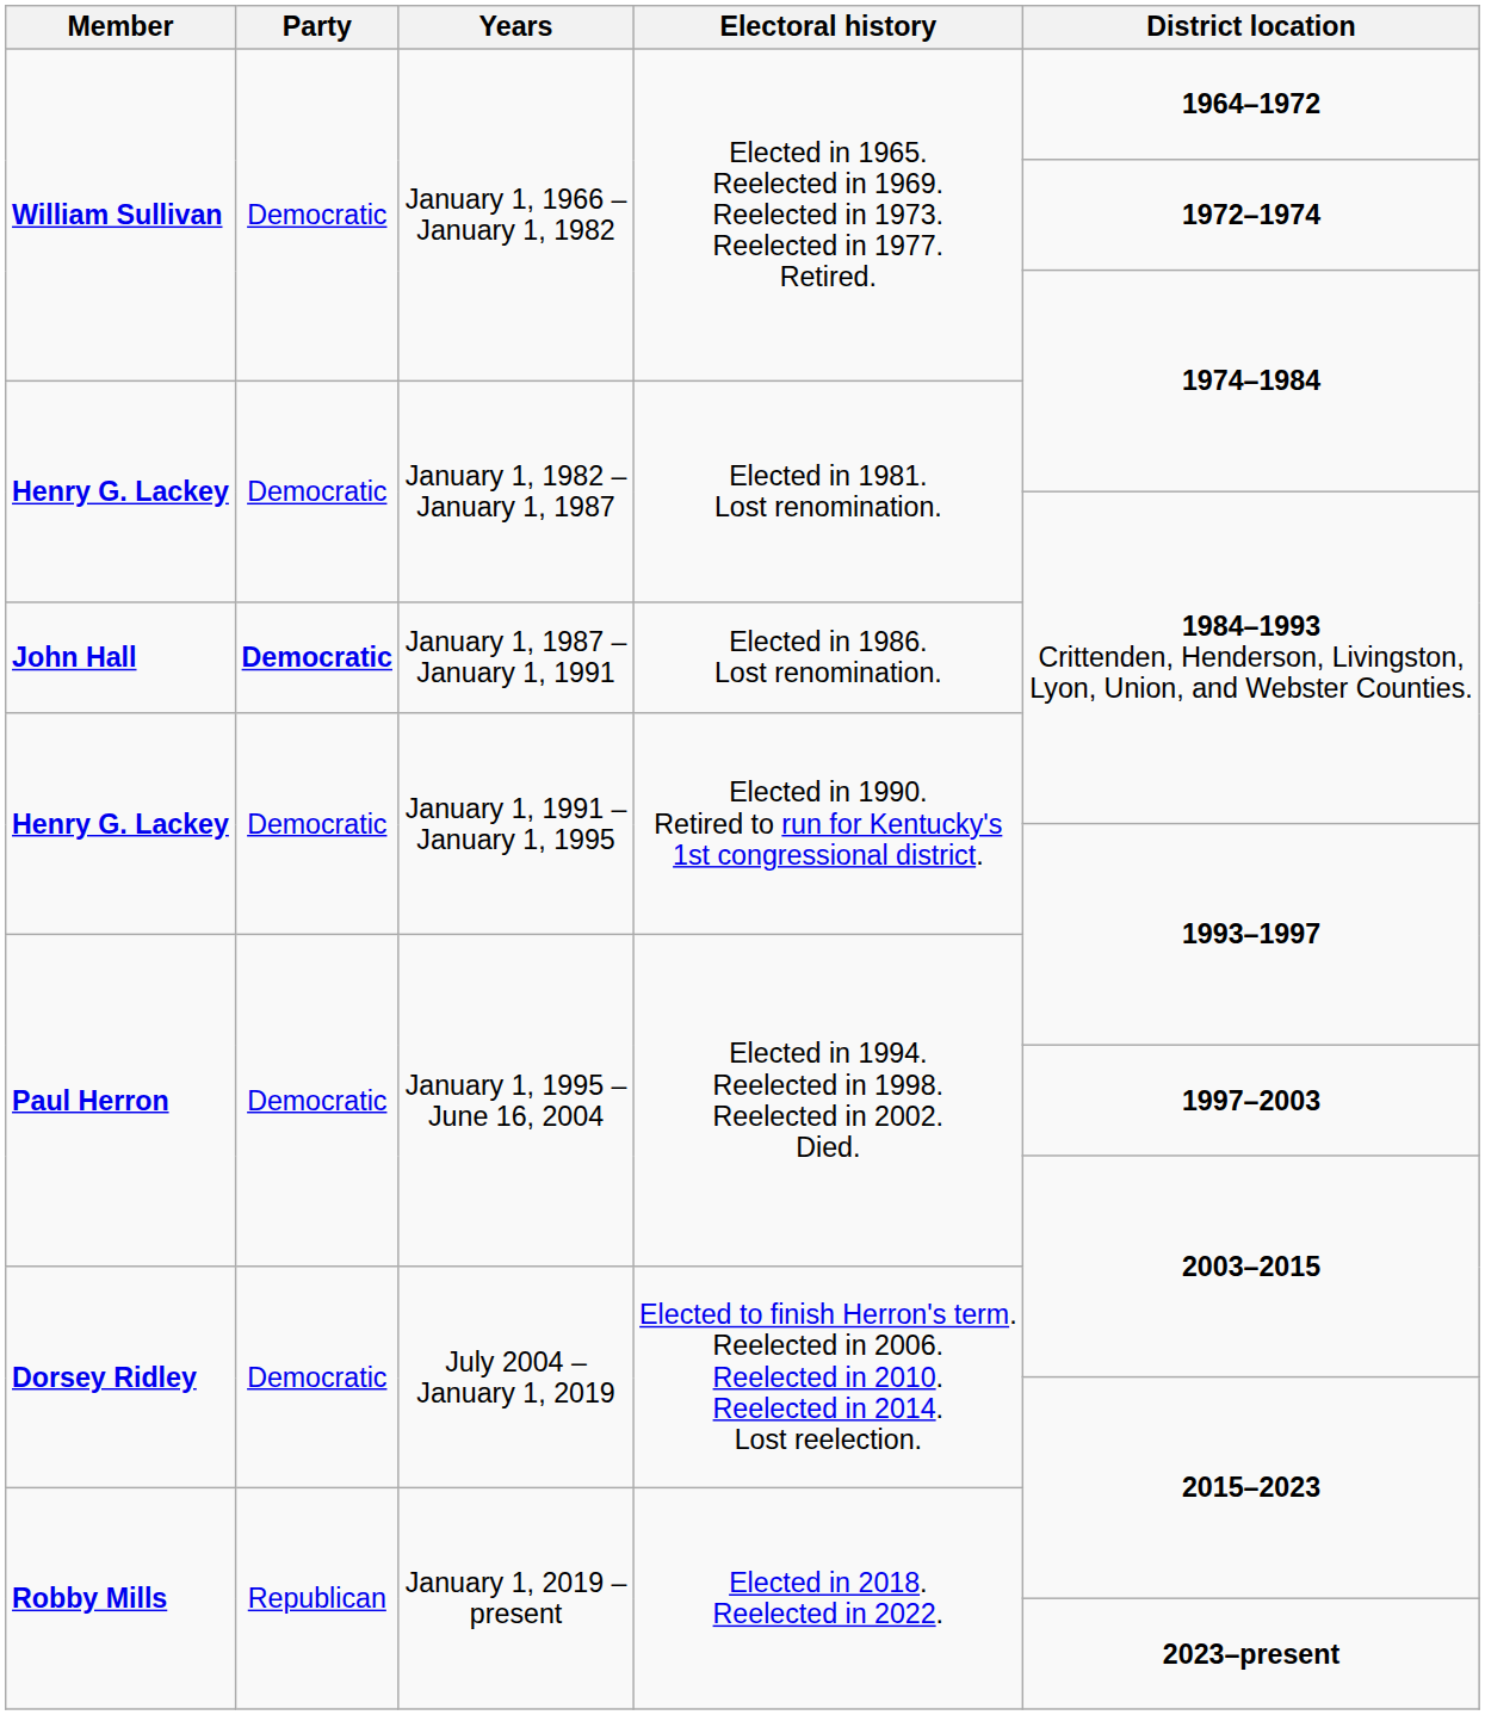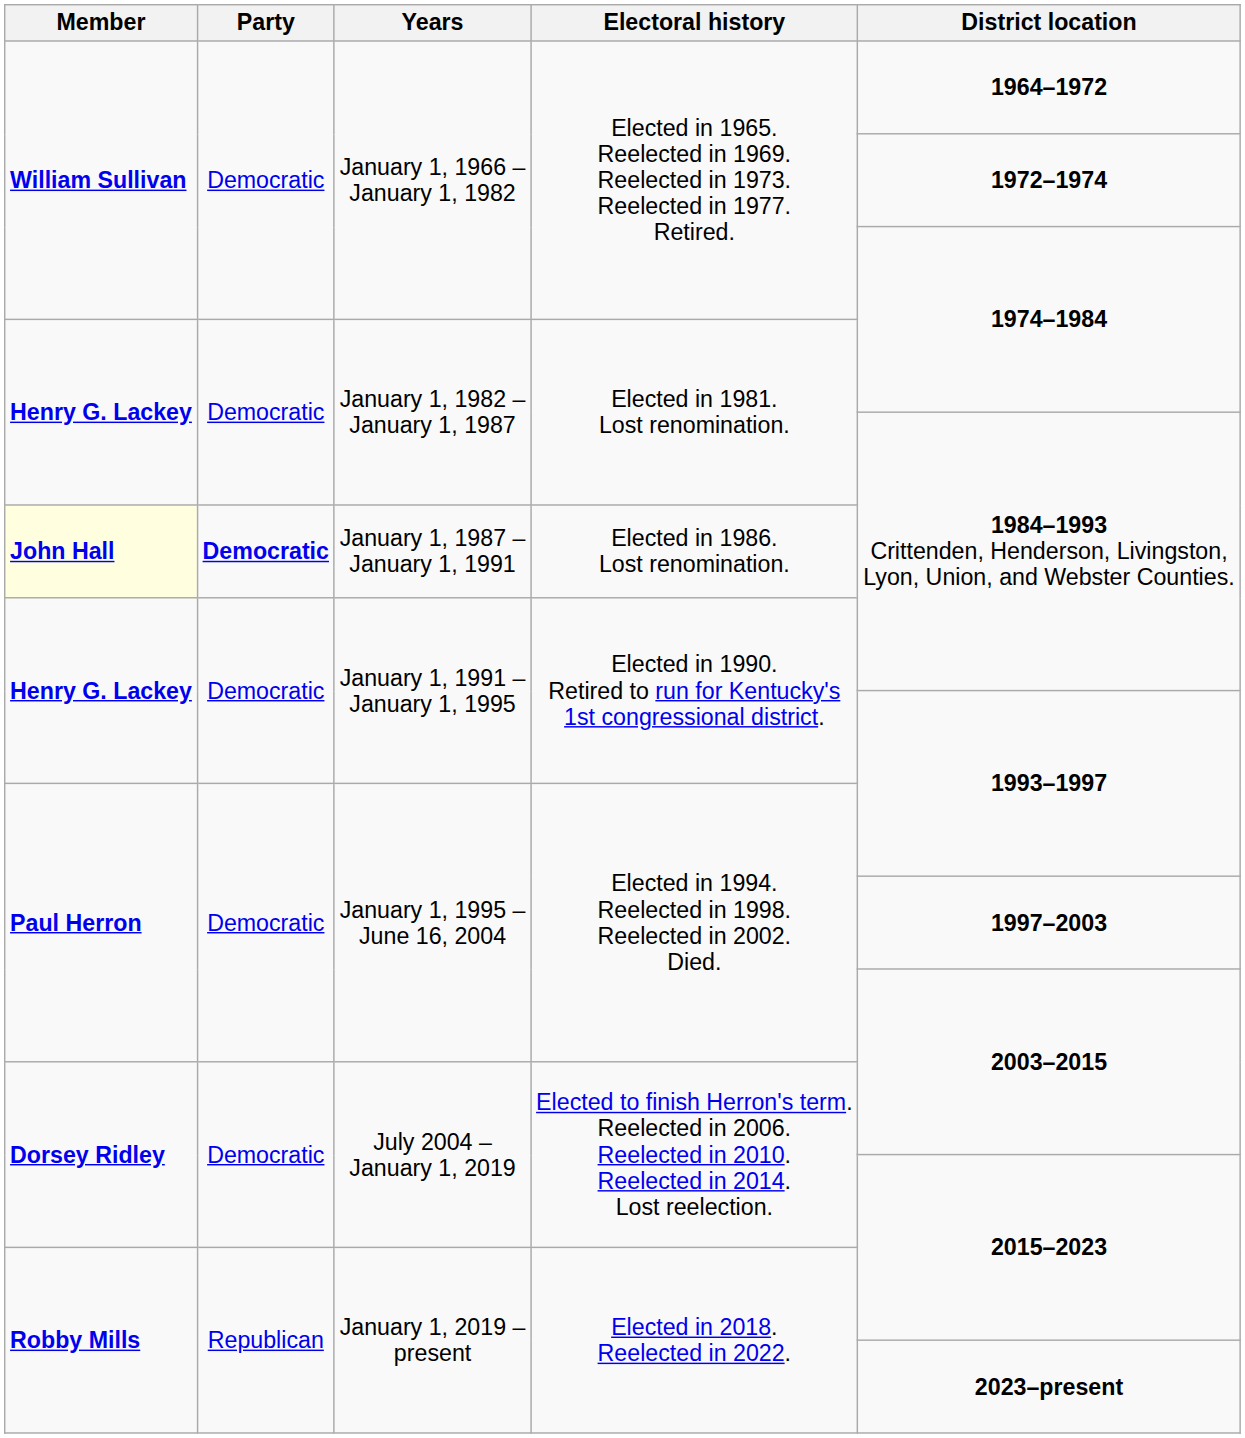 <table class=wikitable style="text-align:center">
 <tr>
 <th>Member</th>
 <th>Party</th>
 <th>Years</th>
 <th>Electoral history</th>
 <th>District location</th>
 </tr>
 <tr style="height:4em">
 <td rowspan=3 align=left><strong><a href='#'>William Sullivan</a></strong><br></td>
 <td rowspan=3 ><a href='#'>Democratic</a></td>
 <td rowspan=3 nowrap>January 1, 1966 –<br>January 1, 1982</td>
 <td rowspan=3>Elected in 1965.<br>Reelected in 1969.<br>Reelected in 1973.<br>Reelected in 1977.<br>Retired.</td>
 <td><strong>1964–1972</strong><br></td>
 </tr>
 <tr style="height:4em">
 <td><strong>1972–1974</strong><br></td>
 </tr>
 <tr style="height:4em">
 <td rowspan=2><strong>1974–1984</strong><br></td>
 </tr>
 <tr style="height:4em">
 <td rowspan=2 align=left><strong><a href='#'>Henry G. Lackey</a></strong><br></td>
 <td rowspan=2 ><a href='#'>Democratic</a></td>
 <td rowspan=2 nowrap>January 1, 1982 –<br>January 1, 1987</td>
 <td rowspan=2>Elected in 1981.<br>Lost renomination.</td>
 </tr>
 <tr style="height:4em">
 <td rowspan=3><strong>1984–1993</strong><br>Crittenden, Henderson, Livingston,<br>Lyon, Union, and Webster Counties.</td>
 </tr>
 <tr style="height:4em">
-<td align=left><strong><a href='#'>John Hall</a></strong><br></td>
+<td align=left style="background: lightyellow;"><strong><a href='#'>John Hall</a></strong><br></td>
 <td><strong><a href='#'>Democratic</a></strong></td>
 <td nowrap>January 1, 1987 –<br>January 1, 1991</td>
 <td>Elected in 1986.<br>Lost renomination.</td>
 </tr>
 <tr style="height:4em">
 <td rowspan=2 align=left><strong><a href='#'>Henry G. Lackey</a></strong><br></td>
 <td rowspan=2 ><a href='#'>Democratic</a></td>
 <td rowspan=2 nowrap>January 1, 1991 –<br>January 1, 1995</td>
 <td rowspan=2>Elected in 1990.<br>Retired to <a href='#'>run for Kentucky's<br>1st congressional district</a>.</td>
 </tr>
 <tr style="height:4em">
 <td rowspan=2><strong>1993–1997</strong><br></td>
 </tr>
 <tr style="height:4em">
 <td rowspan=3 align=left><strong><a href='#'>Paul Herron</a></strong><br></td>
 <td rowspan=3 ><a href='#'>Democratic</a></td>
 <td rowspan=3 nowrap>January 1, 1995 –<br>June 16, 2004</td>
 <td rowspan=3>Elected in 1994.<br>Reelected in 1998.<br>Reelected in 2002.<br>Died.</td>
 </tr>
 <tr style="height:4em">
 <td><strong>1997–2003</strong><br></td>
 </tr>
 <tr style="height:4em">
 <td rowspan=2><strong>2003–2015</strong><br></td>
 </tr>
 <tr style="height:4em">
 <td rowspan=2 align=left><strong><a href='#'>Dorsey Ridley</a></strong><br></td>
 <td rowspan=2 ><a href='#'>Democratic</a></td>
 <td rowspan=2 nowrap>July 2004 –<br>January 1, 2019</td>
 <td rowspan=2><a href='#'>Elected to finish Herron's term</a>.<br>Reelected in 2006.<br><a href='#'>Reelected in 2010</a>.<br><a href='#'>Reelected in 2014</a>.<br>Lost reelection.</td>
 </tr>
 <tr style="height:4em">
 <td rowspan=2><strong>2015–2023</strong><br></td>
 </tr>
 <tr style="height:4em">
 <td rowspan=2 align=left><strong><a href='#'>Robby Mills</a></strong><br></td>
 <td rowspan=2 ><a href='#'>Republican</a></td>
 <td rowspan=2 nowrap>January 1, 2019 –<br>present</td>
 <td rowspan=2><a href='#'>Elected in 2018</a>.<br><a href='#'>Reelected in 2022</a>.</td>
 </tr>
 <tr style="height:4em">
 <td><strong>2023–present</strong><br></td>
 </tr>
 </table>
